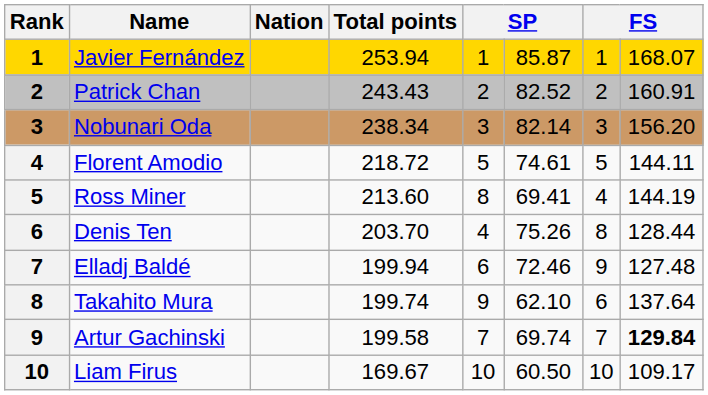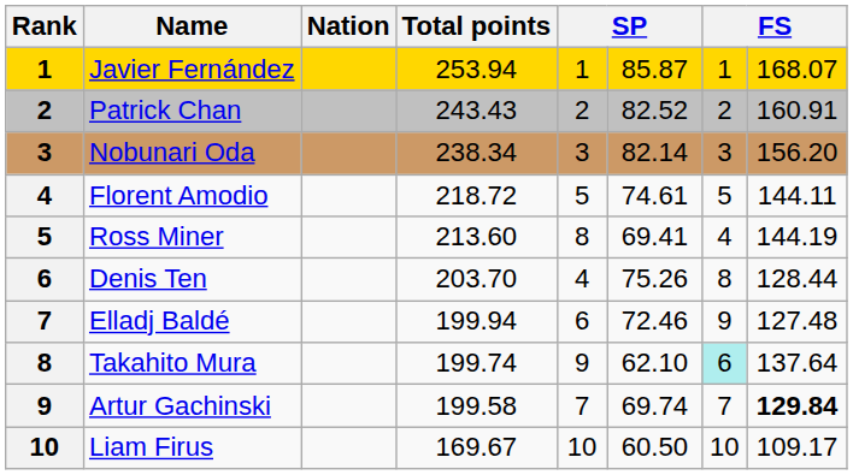 <table class="wikitable sortable">
 <tr>
 <th>Rank</th>
 <th>Name</th>
 <th>Nation</th>
 <th>Total points</th>
 <th colspan="2" width="80px"><a href='#'>SP</a></th>
 <th colspan="2" width="80px"><a href='#'>FS</a></th>
 </tr>
 <tr bgcolor="gold">
 <td align="center"><strong>1</strong></td>
 <td><a href='#'>Javier Fernández</a></td>
 <td></td>
 <td align="center">253.94</td>
 <td align="center">1</td>
 <td align="center">85.87</td>
 <td align="center">1</td>
 <td align="center">168.07</td>
 </tr>
 <tr bgcolor="silver">
 <td align="center"><strong>2</strong></td>
 <td><a href='#'>Patrick Chan</a></td>
 <td></td>
 <td align="center">243.43</td>
 <td align="center">2</td>
 <td align="center">82.52</td>
 <td align="center">2</td>
 <td align="center">160.91</td>
 </tr>
 <tr bgcolor="cc9966">
 <td align="center"><strong>3</strong></td>
 <td><a href='#'>Nobunari Oda</a></td>
 <td></td>
 <td align="center">238.34</td>
 <td align="center">3</td>
 <td align="center">82.14</td>
 <td align="center">3</td>
 <td align="center">156.20</td>
 </tr>
 <tr>
 <th>4</th>
 <td><a href='#'>Florent Amodio</a></td>
 <td></td>
 <td align="center">218.72</td>
 <td align="center">5</td>
 <td align="center">74.61</td>
 <td align="center">5</td>
 <td align="center">144.11</td>
 </tr>
 <tr>
 <th>5</th>
 <td><a href='#'>Ross Miner</a></td>
 <td></td>
 <td align="center">213.60</td>
 <td align="center">8</td>
 <td align="center">69.41</td>
 <td align="center">4</td>
 <td align="center">144.19</td>
 </tr>
 <tr>
 <th>6</th>
 <td><a href='#'>Denis Ten</a></td>
 <td></td>
 <td align="center">203.70</td>
 <td align="center">4</td>
 <td align="center">75.26</td>
 <td align="center">8</td>
 <td align="center">128.44</td>
 </tr>
 <tr>
 <th>7</th>
 <td><a href='#'>Elladj Baldé</a></td>
 <td></td>
 <td align="center">199.94</td>
 <td align="center">6</td>
 <td align="center">72.46</td>
 <td align="center">9</td>
 <td align="center">127.48</td>
 </tr>
 <tr>
 <th>8</th>
 <td><a href='#'>Takahito Mura</a></td>
 <td></td>
 <td align="center">199.74</td>
 <td align="center">9</td>
 <td align="center">62.10</td>
-<td align="center">6</td>
+<td align="center" style="background: paleturquoise;">6</td>
 <td align="center">137.64</td>
 </tr>
 <tr>
 <th>9</th>
 <td><a href='#'>Artur Gachinski</a></td>
 <td></td>
 <td align="center">199.58</td>
 <td align="center">7</td>
 <td align="center">69.74</td>
 <td align="center">7</td>
 <td align="center"><strong>129.84</strong></td>
 </tr>
 <tr>
 <th>10</th>
 <td><a href='#'>Liam Firus</a></td>
 <td></td>
 <td align="center">169.67</td>
 <td align="center">10</td>
 <td align="center">60.50</td>
 <td align="center">10</td>
 <td align="center">109.17</td>
 </tr>
 </table>
